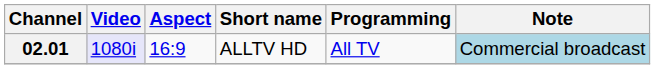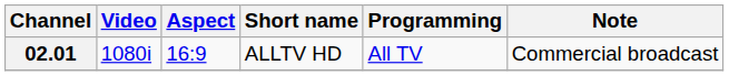 <table class="wikitable">
 <tr>
 <th scope = "col">Channel</th>
 <th scope = "col"><a href='#'>Video</a></th>
 <th scope = "col"><a href='#'>Aspect</a></th>
 <th scope = "col">Short name</th>
 <th scope = "col">Programming</th>
 <th scope = "col">Note</th>
 </tr>
 <tr>
 <th scope = "row">02.01</th>
-<td style="background: lavender;"><a href='#'>1080i</a></td>
+<td><a href='#'>1080i</a></td>
 <td rowspan="1"><a href='#'>16:9</a></td>
 <td>ALLTV HD</td>
 <td><a href='#'>All TV</a> </td>
-<td style="background: lightblue;">Commercial broadcast</td>
+<td>Commercial broadcast</td>
 </tr>
 <tr>
 </tr>
 </table>
